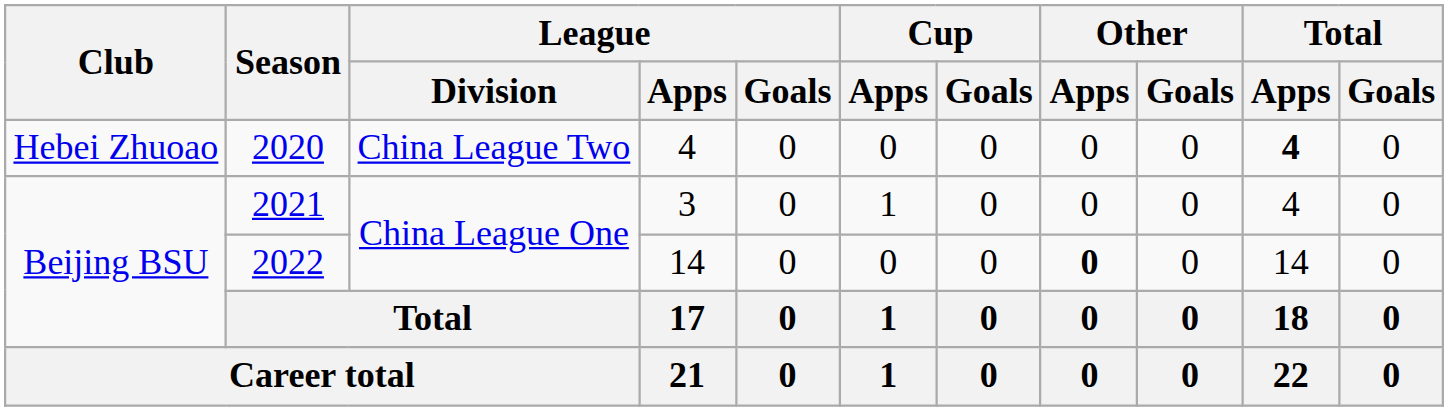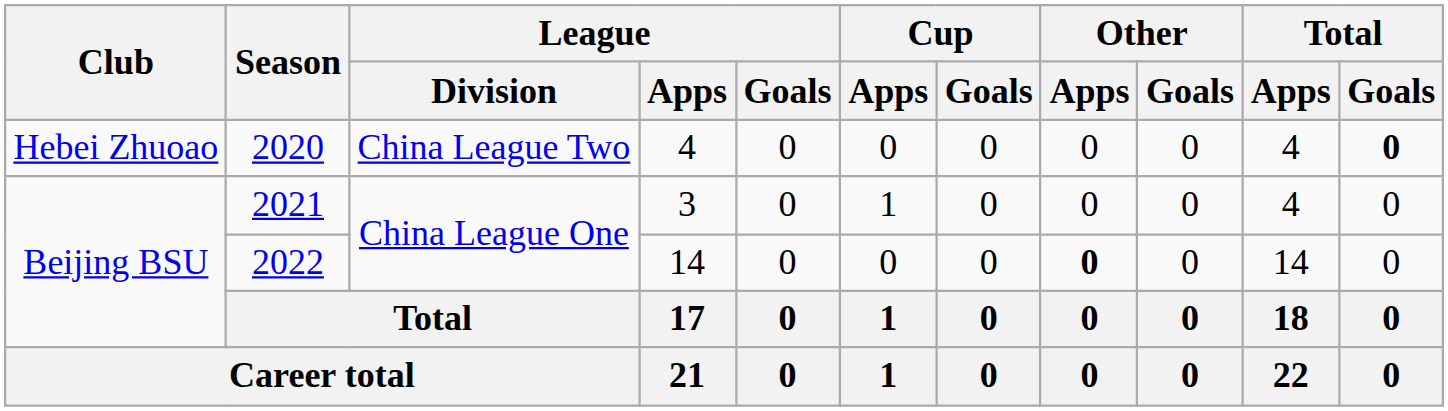 <table class="wikitable" style="text-align: center">
 <tr>
 <th rowspan="2">Club</th>
 <th rowspan="2">Season</th>
 <th colspan="3">League</th>
 <th colspan="2">Cup</th>
 <th colspan="2">Other</th>
 <th colspan="2">Total</th>
 </tr>
 <tr>
 <th>Division</th>
 <th>Apps</th>
 <th>Goals</th>
 <th>Apps</th>
 <th>Goals</th>
 <th>Apps</th>
 <th>Goals</th>
 <th>Apps</th>
 <th>Goals</th>
 </tr>
 <tr>
 <td><a href='#'>Hebei Zhuoao</a></td>
 <td><a href='#'>2020</a></td>
 <td><a href='#'>China League Two</a></td>
 <td>4</td>
 <td>0</td>
 <td>0</td>
 <td>0</td>
 <td>0</td>
 <td>0</td>
-<td><strong>4</strong></td>
-<td>0</td>
+<td>4</td>
+<td><strong>0</strong></td>
 </tr>
 <tr>
 <td rowspan="3"><a href='#'>Beijing BSU</a></td>
 <td><a href='#'>2021</a></td>
 <td rowspan="2"><a href='#'>China League One</a></td>
 <td>3</td>
 <td>0</td>
 <td>1</td>
 <td>0</td>
 <td>0</td>
 <td>0</td>
 <td>4</td>
 <td>0</td>
 </tr>
 <tr>
 <td><a href='#'>2022</a></td>
 <td>14</td>
 <td>0</td>
 <td>0</td>
 <td>0</td>
 <td><strong>0</strong></td>
 <td>0</td>
 <td>14</td>
 <td>0</td>
 </tr>
 <tr>
 <th colspan=2>Total</th>
 <th>17</th>
 <th>0</th>
 <th>1</th>
 <th>0</th>
 <th>0</th>
 <th>0</th>
 <th>18</th>
 <th>0</th>
 </tr>
 <tr>
 <th colspan=3>Career total</th>
 <th>21</th>
 <th>0</th>
 <th>1</th>
 <th>0</th>
 <th>0</th>
 <th>0</th>
 <th>22</th>
 <th>0</th>
 </tr>
 </table>
